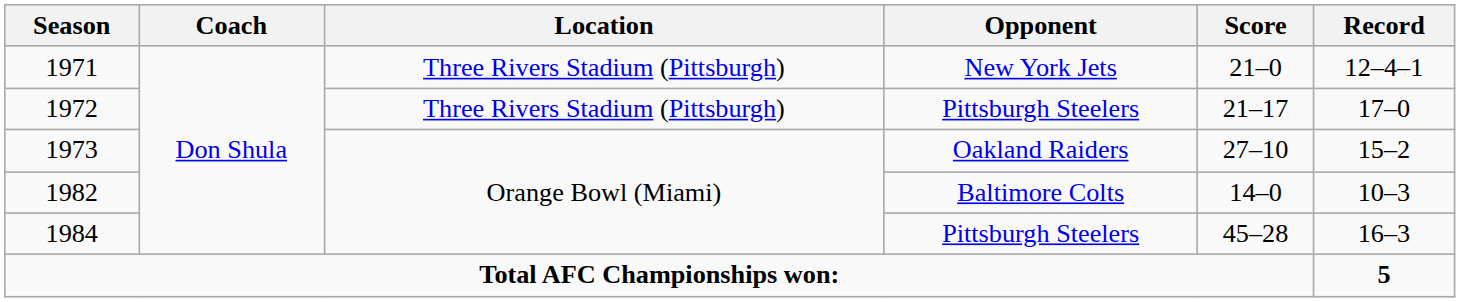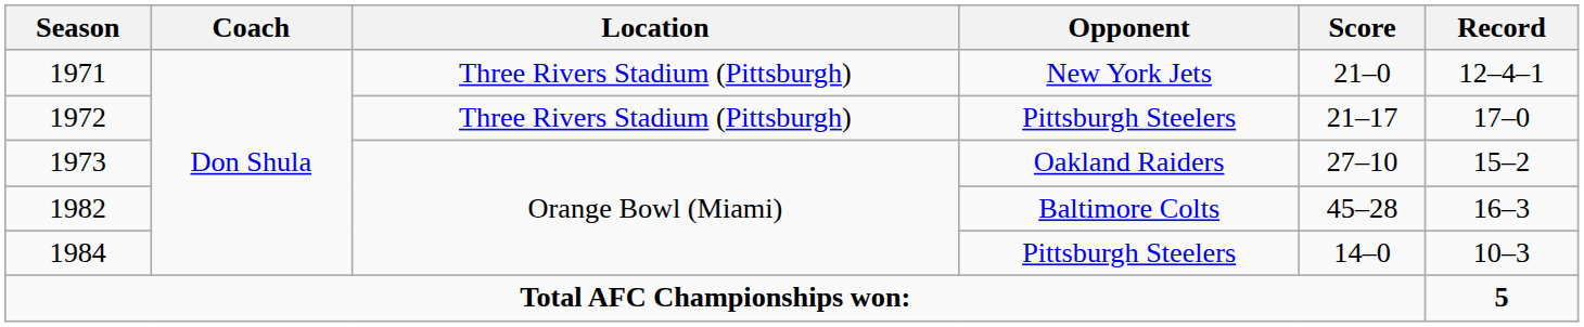 <table class="wikitable" style="width:70%;text-align:center">
 <tr>
 <th>Season</th>
 <th>Coach</th>
 <th>Location</th>
 <th>Opponent</th>
 <th>Score</th>
 <th>Record</th>
 </tr>
 <tr>
 <td>1971</td>
 <td rowspan="5"><a href='#'>Don Shula</a></td>
 <td><a href='#'>Three Rivers Stadium</a> (<a href='#'>Pittsburgh</a>)</td>
 <td><a href='#'>New York Jets</a></td>
 <td>21–0</td>
 <td>12–4–1</td>
 </tr>
 <tr>
 <td>1972</td>
 <td><a href='#'>Three Rivers Stadium</a> (<a href='#'>Pittsburgh</a>)</td>
 <td><a href='#'>Pittsburgh Steelers</a></td>
 <td>21–17</td>
 <td>17–0</td>
 </tr>
 <tr>
 <td>1973</td>
 <td rowspan="3">Orange Bowl (Miami)</td>
 <td><a href='#'>Oakland Raiders</a></td>
 <td>27–10</td>
 <td>15–2</td>
 </tr>
 <tr>
 <td>1982</td>
 <td><a href='#'>Baltimore Colts</a></td>
-<td>14–0</td>
-<td>10–3</td>
+<td>45–28</td>
+<td>16–3</td>
 </tr>
 <tr>
 <td>1984</td>
 <td><a href='#'>Pittsburgh Steelers</a></td>
-<td>45–28</td>
-<td>16–3</td>
+<td>14–0</td>
+<td>10–3</td>
 </tr>
 <tr>
 <td colspan="5"><strong>Total AFC Championships won:</strong></td>
 <td colspan="2"><strong>5</strong></td>
 </tr>
 </table>
